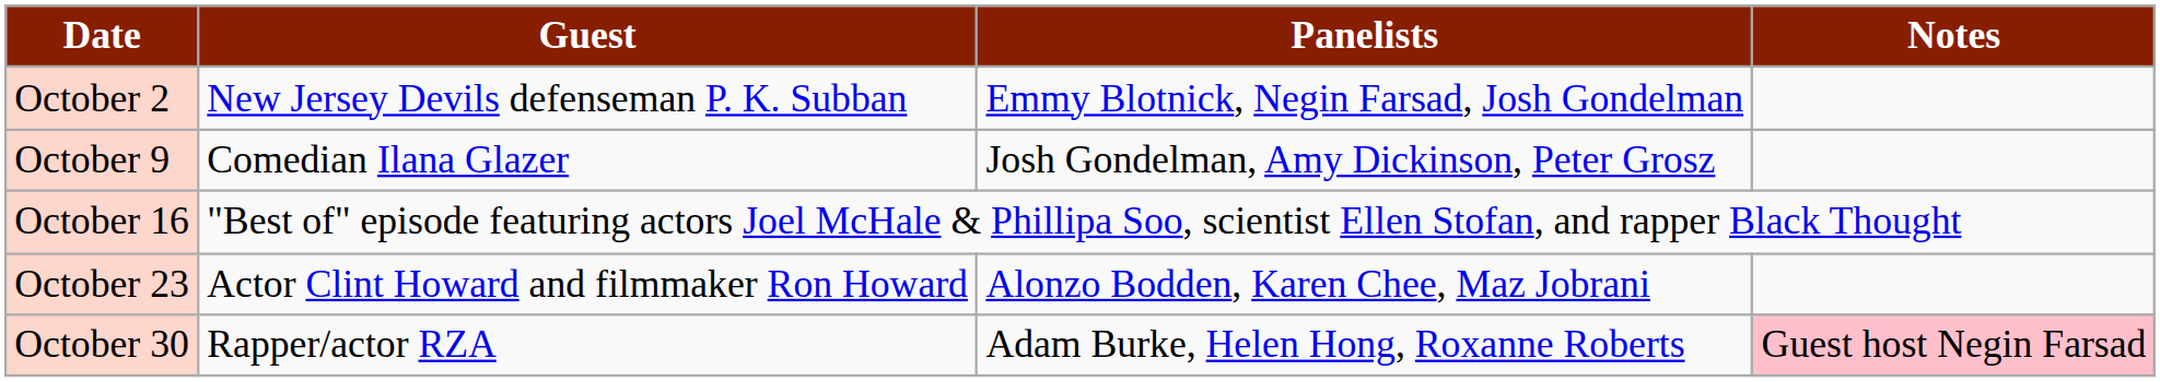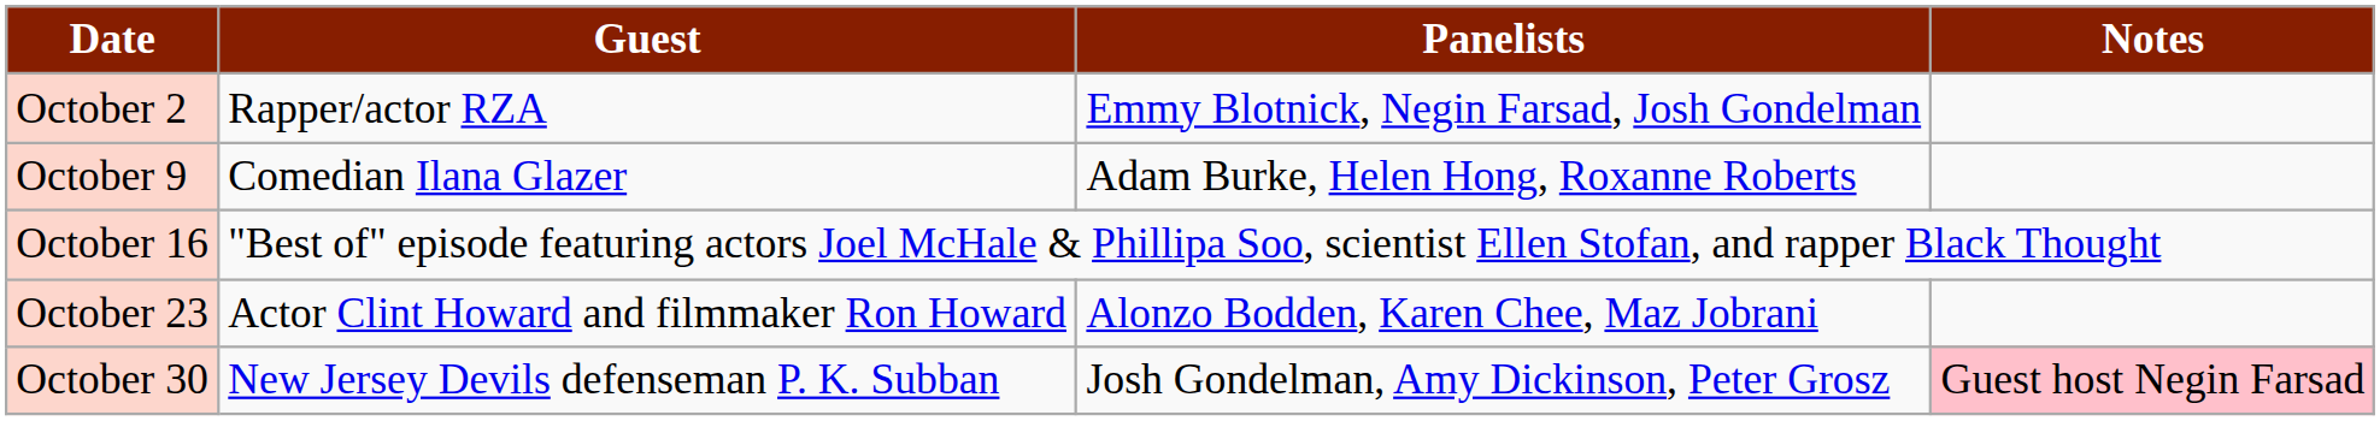 <table class="wikitable">
 <tr>
 <th style="background:#871E00;color:#FFFFFF;">Date</th>
 <th style="background:#871E00;color:#FFFFFF;">Guest</th>
 <th style="background:#871E00;color:#FFFFFF;">Panelists</th>
 <th style="background:#871E00;color:#FFFFFF;">Notes</th>
 </tr>
 <tr>
 <td style="background:#FDD6CC;color:#000000;">October 2</td>
-<td><a href='#'>New Jersey Devils</a> defenseman <a href='#'>P. K. Subban</a></td>
+<td>Rapper/actor <a href='#'>RZA</a></td>
 <td><a href='#'>Emmy Blotnick</a>, <a href='#'>Negin Farsad</a>, <a href='#'>Josh Gondelman</a></td>
 <td></td>
 </tr>
 <tr>
 <td style="background:#FDD6CC;color:#000000;">October 9</td>
 <td>Comedian <a href='#'>Ilana Glazer</a></td>
-<td>Josh Gondelman, <a href='#'>Amy Dickinson</a>, <a href='#'>Peter Grosz</a></td>
+<td>Adam Burke, <a href='#'>Helen Hong</a>, <a href='#'>Roxanne Roberts</a></td>
 <td></td>
 </tr>
 <tr>
 <td style="background:#FDD6CC;color:#000000;">October 16</td>
 <td colspan=3>"Best of" episode featuring actors <a href='#'>Joel McHale</a> & <a href='#'>Phillipa Soo</a>, scientist <a href='#'>Ellen Stofan</a>, and rapper <a href='#'>Black Thought</a></td>
 </tr>
 <tr>
 <td style="background:#FDD6CC;color:#000000;">October 23</td>
 <td>Actor <a href='#'>Clint Howard</a> and filmmaker <a href='#'>Ron Howard</a></td>
 <td><a href='#'>Alonzo Bodden</a>, <a href='#'>Karen Chee</a>, <a href='#'>Maz Jobrani</a></td>
 <td></td>
 </tr>
 <tr>
 <td style="background:#FDD6CC;color:#000000;">October 30</td>
-<td>Rapper/actor <a href='#'>RZA</a></td>
-<td>Adam Burke, <a href='#'>Helen Hong</a>, <a href='#'>Roxanne Roberts</a></td>
+<td><a href='#'>New Jersey Devils</a> defenseman <a href='#'>P. K. Subban</a></td>
+<td>Josh Gondelman, <a href='#'>Amy Dickinson</a>, <a href='#'>Peter Grosz</a></td>
 <td style="background: pink;">Guest host Negin Farsad</td>
 </tr>
 </table>
